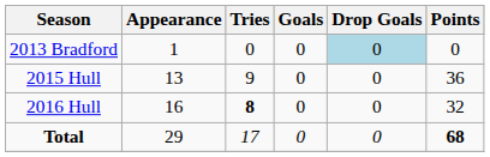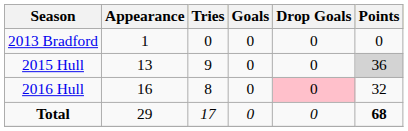 <table class="wikitable" style="text-align:center;">
 <tr bgcolor=#bdb76b>
 <th>Season</th>
 <th>Appearance</th>
 <th>Tries</th>
 <th>Goals</th>
 <th>Drop Goals</th>
 <th>Points</th>
 </tr>
 <tr>
 <td><a href='#'>2013 Bradford</a></td>
 <td>1</td>
 <td>0</td>
 <td>0</td>
-<td style="background: lightblue;">0</td>
+<td>0</td>
 <td>0</td>
 </tr>
 <tr>
 <td><a href='#'>2015 Hull</a></td>
 <td>13</td>
 <td>9</td>
 <td>0</td>
 <td>0</td>
-<td>36</td>
+<td style="background: lightgrey;">36</td>
 </tr>
 <tr>
 <td><a href='#'>2016 Hull</a></td>
 <td>16</td>
-<td><strong>8</strong></td>
+<td>8</td>
 <td>0</td>
-<td>0</td>
+<td style="background: pink;">0</td>
 <td>32</td>
 </tr>
 <tr>
 <td><strong>Total</strong></td>
 <td>29</td>
 <td><em>17</em></td>
 <td><em>0</em></td>
 <td><em>0</em></td>
 <td><strong>68</strong></td>
 </tr>
 <tr>
 </tr>
 </table>
